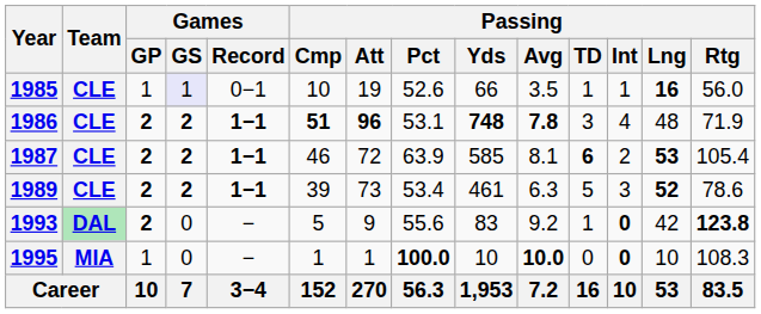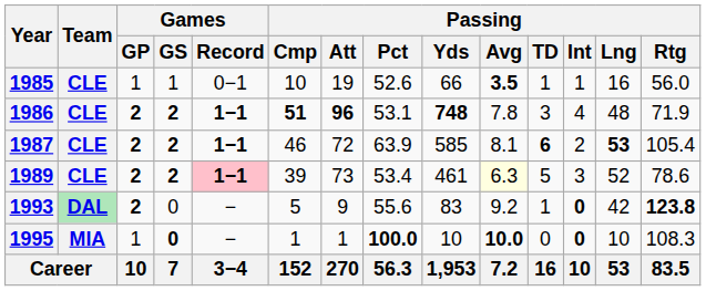 <table class="wikitable " style="text-align:center">
 <tr>
 <th rowspan="2">Year</th>
 <th rowspan="2">Team</th>
 <th colspan="3">Games</th>
 <th colspan="9">Passing</th>
 </tr>
 <tr>
 <th>GP</th>
 <th>GS</th>
 <th>Record</th>
 <th>Cmp</th>
 <th>Att</th>
 <th>Pct</th>
 <th>Yds</th>
 <th>Avg</th>
 <th>TD</th>
 <th>Int</th>
 <th>Lng</th>
 <th>Rtg</th>
 </tr>
 <tr>
 <th><a href='#'>1985</a></th>
 <th><a href='#'>CLE</a></th>
 <td>1</td>
-<td style="background: lavender;">1</td>
+<td>1</td>
 <td>0−1</td>
 <td>10</td>
 <td>19</td>
 <td>52.6</td>
 <td>66</td>
-<td>3.5</td>
+<td><strong>3.5</strong></td>
 <td>1</td>
 <td>1</td>
-<td><strong>16</strong></td>
+<td>16</td>
 <td>56.0</td>
 </tr>
 <tr>
 <th><a href='#'>1986</a></th>
 <th><a href='#'>CLE</a></th>
 <td><strong>2</strong></td>
 <td><strong>2</strong></td>
 <td><strong>1−1</strong></td>
 <td><strong>51</strong></td>
 <td><strong>96</strong></td>
 <td>53.1</td>
 <td><strong>748</strong></td>
-<td><strong>7.8</strong></td>
+<td>7.8</td>
 <td>3</td>
 <td>4</td>
 <td>48</td>
 <td>71.9</td>
 </tr>
 <tr>
 <th><a href='#'>1987</a></th>
 <th><a href='#'>CLE</a></th>
 <td><strong>2</strong></td>
 <td><strong>2</strong></td>
 <td><strong>1−1</strong></td>
 <td>46</td>
 <td>72</td>
 <td>63.9</td>
 <td>585</td>
 <td>8.1</td>
 <td><strong>6</strong></td>
 <td>2</td>
 <td><strong>53</strong></td>
 <td>105.4</td>
 </tr>
 <tr>
 <th><a href='#'>1989</a></th>
 <th><a href='#'>CLE</a></th>
 <td><strong>2</strong></td>
 <td><strong>2</strong></td>
-<td><strong>1−1</strong></td>
+<td style="background: pink;"><strong>1−1</strong></td>
 <td>39</td>
 <td>73</td>
 <td>53.4</td>
 <td>461</td>
-<td>6.3</td>
+<td style="background: lightyellow;">6.3</td>
 <td>5</td>
 <td>3</td>
-<td><strong>52</strong></td>
+<td>52</td>
 <td>78.6</td>
 </tr>
 <tr>
 <th><a href='#'>1993</a></th>
 <th style="background:#afe6ba;"><a href='#'>DAL</a></th>
 <td><strong>2</strong></td>
 <td>0</td>
 <td>−</td>
 <td>5</td>
 <td>9</td>
 <td>55.6</td>
 <td>83</td>
 <td>9.2</td>
 <td>1</td>
 <td><strong>0</strong></td>
 <td>42</td>
 <td><strong>123.8</strong></td>
 </tr>
 <tr>
 <th><a href='#'>1995</a></th>
 <th><a href='#'>MIA</a></th>
 <td>1</td>
-<td>0</td>
+<td><strong>0</strong></td>
 <td>−</td>
 <td>1</td>
 <td>1</td>
 <td><strong>100.0</strong></td>
 <td>10</td>
 <td><strong>10.0</strong></td>
 <td>0</td>
 <td><strong>0</strong></td>
 <td>10</td>
 <td>108.3</td>
 </tr>
 <tr>
 <th colspan="2">Career</th>
 <th>10</th>
 <th>7</th>
 <th>3−4</th>
 <th>152</th>
 <th>270</th>
 <th>56.3</th>
 <th>1,953</th>
 <th>7.2</th>
 <th>16</th>
 <th>10</th>
 <th>53</th>
 <th>83.5</th>
 </tr>
 </table>
